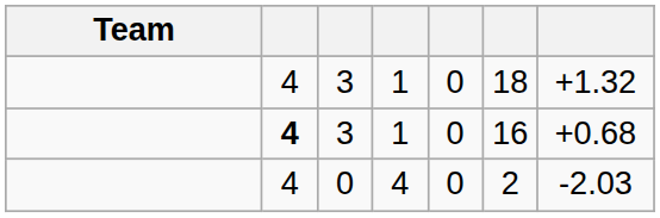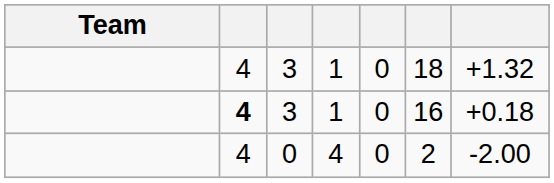 <table class="wikitable" style="text-align:center;">
 <tr>
 <th width="120">Team</th>
 <th width="20"></th>
 <th width="20"></th>
 <th width="20"></th>
 <th width="20"></th>
 <th width="20"></th>
 <th width="50"><a href='#'></a></th>
 </tr>
 <tr>
 <td align=left></td>
 <td>4</td>
 <td>3</td>
 <td>1</td>
 <td>0</td>
 <td>18</td>
 <td>+1.32</td>
 </tr>
 <tr>
 <td align=left></td>
 <td><strong>4</strong></td>
 <td>3</td>
 <td>1</td>
 <td>0</td>
 <td>16</td>
-<td>+0.68</td>
+<td>+0.18</td>
 </tr>
 <tr>
 <td align=left></td>
 <td>4</td>
 <td>0</td>
 <td>4</td>
 <td>0</td>
 <td>2</td>
-<td>-2.03</td>
+<td>-2.00</td>
 </tr>
 </table>
